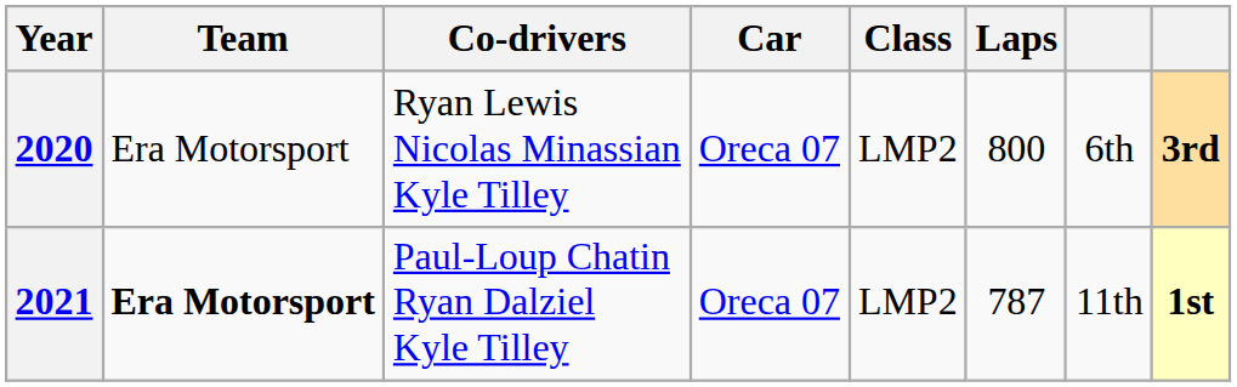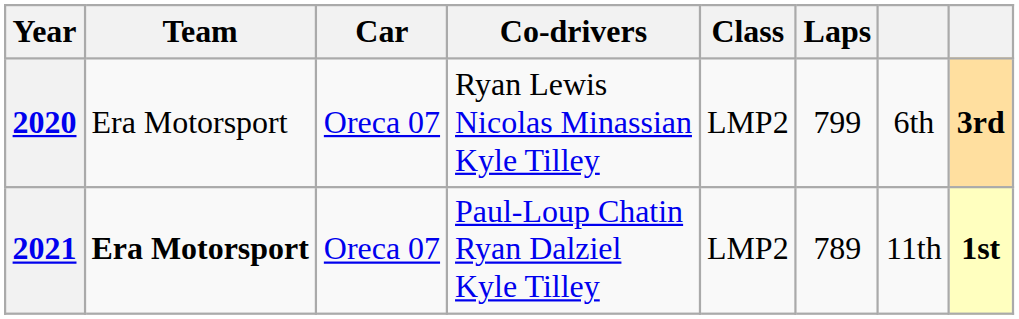 <table class="wikitable" style="text-align:center; font-size:90%;">
 <tr>
 <th>Year</th>
 <th>Team</th>
+<th>Car</th>
 <th>Co-drivers</th>
-<th>Car</th>
 <th>Class</th>
 <th>Laps</th>
 <th></th>
 <th></th>
 </tr>
 <tr>
 <th><a href='#'>2020</a></th>
 <td align="left"> Era Motorsport</td>
+<td align="left"><a href='#'>Oreca 07</a></td>
 <td align="left"> Ryan Lewis<br> <a href='#'>Nicolas Minassian</a><br> <a href='#'>Kyle Tilley</a></td>
-<td align="left"><a href='#'>Oreca 07</a></td>
 <td>LMP2</td>
-<td>800</td>
+<td>799</td>
 <td>6th</td>
 <td style="background:#ffdf9f;"><strong>3rd</strong></td>
 </tr>
 <tr>
 <th><a href='#'>2021</a></th>
 <td align="left"><strong> Era Motorsport</strong></td>
+<td><a href='#'>Oreca 07</a></td>
 <td align="left"> <a href='#'>Paul-Loup Chatin</a><br> <a href='#'>Ryan Dalziel</a><br> <a href='#'>Kyle Tilley</a></td>
-<td><a href='#'>Oreca 07</a></td>
 <td>LMP2</td>
-<td>787</td>
+<td>789</td>
 <td>11th</td>
 <td style="background:#ffffbf;"><strong>1st</strong></td>
 </tr>
 </table>
